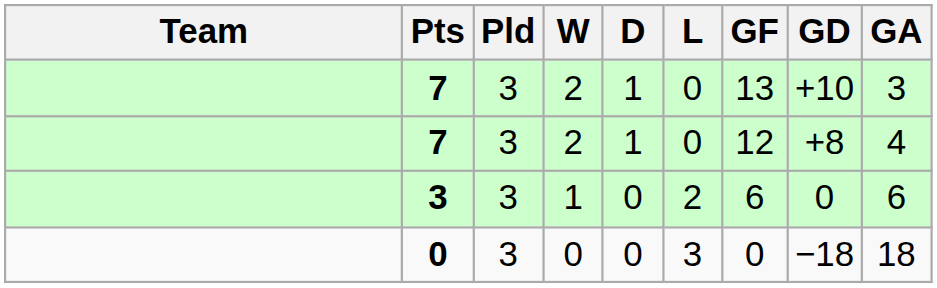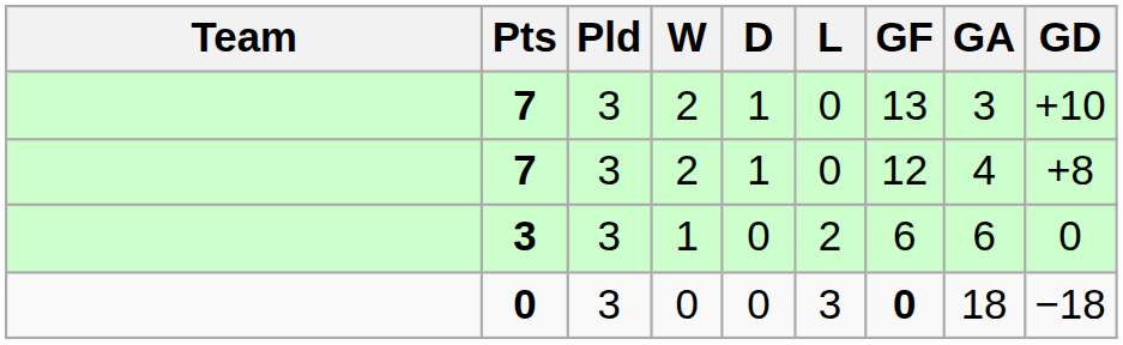 <table class="wikitable" style="text-align: center;">
 <tr>
 <th width=175>Team</th>
 <th width=20 abbr="Points">Pts</th>
 <th width=20 abbr="Played">Pld</th>
 <th width=20 abbr="Won">W</th>
 <th width=20 abbr="Drawn">D</th>
 <th width=20 abbr="Lost">L</th>
 <th width=20 abbr="Goals for">GF</th>
+<th width=20 abbr="Goals against">GA</th>
 <th width=20 abbr="Goal difference">GD</th>
-<th width=20 abbr="Goals against">GA</th>
 </tr>
 <tr style="background:#ccffcc;">
 <td align="left"></td>
 <td><strong>7</strong></td>
 <td>3</td>
 <td>2</td>
 <td>1</td>
 <td>0</td>
 <td>13</td>
+<td>3</td>
 <td>+10</td>
-<td>3</td>
 </tr>
 <tr style="background:#ccffcc;">
 <td align="left"></td>
 <td><strong>7</strong></td>
 <td>3</td>
 <td>2</td>
 <td>1</td>
 <td>0</td>
 <td>12</td>
+<td>4</td>
 <td>+8</td>
-<td>4</td>
 </tr>
 <tr style="background:#ccffcc;">
 <td align="left"></td>
 <td><strong>3</strong></td>
 <td>3</td>
 <td>1</td>
 <td>0</td>
 <td>2</td>
 <td>6</td>
+<td>6</td>
 <td>0</td>
-<td>6</td>
 </tr>
 <tr align="center">
 <td align="left"></td>
 <td><strong>0</strong></td>
 <td>3</td>
 <td>0</td>
 <td>0</td>
 <td>3</td>
-<td>0</td>
+<td><strong>0</strong></td>
+<td>18</td>
 <td>−18</td>
-<td>18</td>
 </tr>
 </table>
